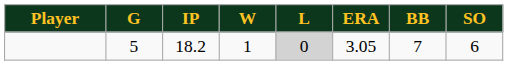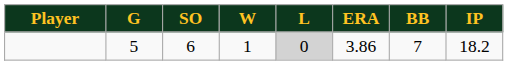 <table class="wikitable sortable">
 <tr>
 <th style="background:#0C371D;color:#ffc322;" width="16%">Player</th>
 <th style="background:#0C371D;color:#ffc322;" width="9%">G</th>
-<th style="background:#0C371D;color:#ffc322;" width="9%">IP</th>
+<th style="background:#0C371D;color:#ffc322;" width="9%">SO</th>
 <th style="background:#0C371D;color:#ffc322;" width="9%">W</th>
 <th style="background:#0C371D;color:#ffc322;" width="9%">L</th>
 <th style="background:#0C371D;color:#ffc322;" width="9%">ERA</th>
 <th style="background:#0C371D;color:#ffc322;" width="9%">BB</th>
-<th style="background:#0C371D;color:#ffc322;" width="9%">SO</th>
+<th style="background:#0C371D;color:#ffc322;" width="9%">IP</th>
 </tr>
 <tr align="center">
 <td></td>
 <td>5</td>
-<td>18.2</td>
+<td>6</td>
 <td>1</td>
 <td style="background: lightgrey;">0</td>
-<td>3.05</td>
+<td>3.86</td>
 <td>7</td>
-<td>6</td>
+<td>18.2</td>
 </tr>
 </table>
